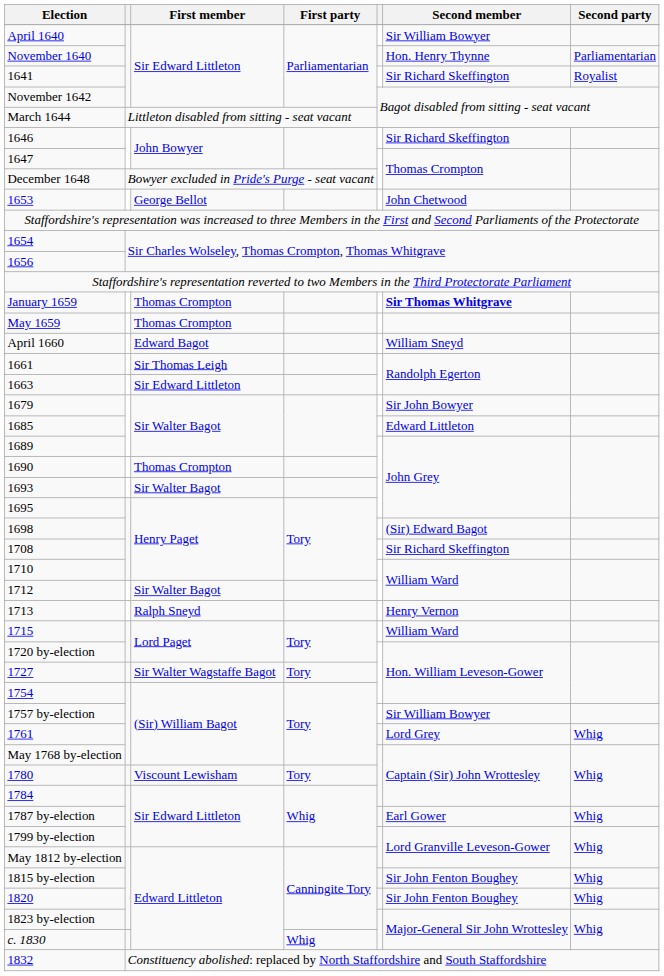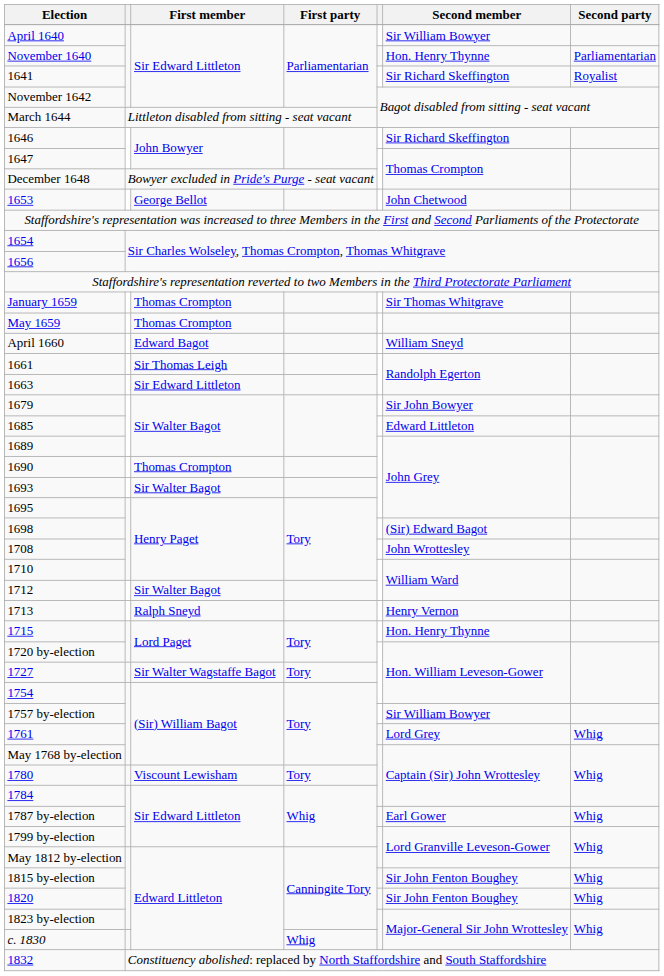 <table class="wikitable">
 <tr>
 <th>Election</th>
 <th></th>
 <th>First member</th>
 <th>First party</th>
 <th></th>
 <th>Second member</th>
 <th>Second party</th>
 </tr>
 <tr>
 </tr>
 <tr>
 <td><a href='#'>April 1640</a></td>
 <td rowspan="4" style="color:inherit;background-color: "></td>
 <td rowspan="4"><a href='#'>Sir Edward Littleton</a></td>
 <td rowspan="4"><a href='#'>Parliamentarian</a></td>
 <td style="color:inherit;background-color: white"></td>
 <td><a href='#'>Sir William Bowyer</a></td>
 <td></td>
 </tr>
 <tr>
 <td><a href='#'>November 1640</a></td>
 <td style="color:inherit;background-color: "></td>
 <td><a href='#'>Hon. Henry Thynne</a></td>
 <td><a href='#'>Parliamentarian</a></td>
 </tr>
 <tr>
 <td>1641</td>
 <td style="color:inherit;background-color: white"></td>
 <td><a href='#'>Sir Richard Skeffington</a></td>
 <td><a href='#'>Royalist</a></td>
 </tr>
 <tr>
 <td>November 1642</td>
 <td rowspan="2" colspan="3"><em>Bagot disabled from sitting - seat vacant</em></td>
 </tr>
 <tr>
 <td>March 1644</td>
 <td colspan="3"><em>Littleton disabled from sitting - seat vacant</em></td>
 </tr>
 <tr>
 <td>1646</td>
 <td rowspan="2" style="color:inherit;background-color: white"></td>
 <td rowspan="2"><a href='#'>John Bowyer</a></td>
 <td rowspan="2"></td>
 <td style="color:inherit;background-color: white"></td>
 <td><a href='#'>Sir Richard Skeffington</a></td>
 <td></td>
 </tr>
 <tr>
 <td>1647</td>
 <td rowspan="2" style="color:inherit;background-color: white"></td>
 <td rowspan="2"><a href='#'>Thomas Crompton</a></td>
 <td rowspan="2"></td>
 </tr>
 <tr>
 <td>December 1648</td>
 <td colspan="3"><em>Bowyer excluded in <a href='#'>Pride's Purge</a> - seat vacant</em></td>
 </tr>
 <tr>
 <td><a href='#'>1653</a></td>
 <td style="color:inherit;background-color: white"></td>
 <td><a href='#'>George Bellot</a></td>
 <td></td>
 <td style="color:inherit;background-color: white"></td>
 <td><a href='#'>John Chetwood</a></td>
 <td></td>
 </tr>
 <tr>
 <td colspan="7" align=center><em>Staffordshire's representation was increased to three Members in the <a href='#'>First</a> and <a href='#'>Second</a> Parliaments of the Protectorate</em></td>
 </tr>
 <tr>
 <td><a href='#'>1654</a></td>
 <td colspan="6" rowspan="2"><a href='#'>Sir Charles Wolseley</a>, <a href='#'>Thomas Crompton</a>, <a href='#'>Thomas Whitgrave</a></td>
 </tr>
 <tr>
 <td><a href='#'>1656</a></td>
 </tr>
 <tr>
 <td colspan="7" align=center><em>Staffordshire's representation reverted to two Members in the <a href='#'>Third Protectorate Parliament</a></em></td>
 </tr>
 <tr>
 <td><a href='#'>January 1659</a></td>
 <td style="color:inherit;background-color: white"></td>
 <td><a href='#'>Thomas Crompton</a></td>
 <td></td>
 <td style="color:inherit;background-color: white"></td>
-<td><strong><a href='#'>Sir Thomas Whitgrave</a></strong></td>
+<td><a href='#'>Sir Thomas Whitgrave</a></td>
 <td></td>
 </tr>
 <tr>
 <td><a href='#'>May 1659</a></td>
 <td style="color:inherit;background-color: white"></td>
 <td><a href='#'>Thomas Crompton</a></td>
 <td></td>
 <td style="color:inherit;background-color: white"></td>
 <td></td>
 <td></td>
 </tr>
 <tr>
 <td>April 1660</td>
 <td style="color:inherit;background-color: white"></td>
 <td><a href='#'>Edward Bagot</a></td>
 <td></td>
 <td style="color:inherit;background-color: white"></td>
 <td><a href='#'>William Sneyd</a></td>
 <td></td>
 </tr>
 <tr>
 <td>1661</td>
 <td style="color:inherit;background-color: white"></td>
 <td><a href='#'>Sir Thomas Leigh</a></td>
 <td></td>
 <td rowspan="2" style="color:inherit;background-color: white"></td>
 <td rowspan="2"><a href='#'>Randolph Egerton</a></td>
 <td rowspan="2"></td>
 </tr>
 <tr>
 <td>1663</td>
 <td style="color:inherit;background-color: white"></td>
 <td><a href='#'>Sir Edward Littleton</a></td>
 <td></td>
 </tr>
 <tr>
 <td>1679</td>
 <td rowspan="3" style="color:inherit;background-color: white"></td>
 <td rowspan="3"><a href='#'>Sir Walter Bagot</a></td>
 <td rowspan="3"></td>
 <td style="color:inherit;background-color: white"></td>
 <td><a href='#'>Sir John Bowyer</a></td>
 <td></td>
 </tr>
 <tr>
 <td>1685</td>
 <td style="color:inherit;background-color: white"></td>
 <td><a href='#'>Edward Littleton</a> </td>
 <td></td>
 </tr>
 <tr>
 <td>1689</td>
 <td rowspan="4" style="color:inherit;background-color: white"></td>
 <td rowspan="4"><a href='#'>John Grey</a></td>
 <td rowspan="4"></td>
 </tr>
 <tr>
 <td>1690</td>
 <td style="color:inherit;background-color: white"></td>
 <td><a href='#'>Thomas Crompton</a></td>
 <td></td>
 </tr>
 <tr>
 <td>1693</td>
 <td style="color:inherit;background-color: white"></td>
 <td><a href='#'>Sir Walter Bagot</a></td>
 <td></td>
 </tr>
 <tr>
 <td>1695</td>
 <td rowspan="4" style="color:inherit;background-color: "></td>
 <td rowspan="4"><a href='#'>Henry Paget</a></td>
 <td rowspan="4"><a href='#'>Tory</a></td>
 </tr>
 <tr>
 <td>1698</td>
 <td style="color:inherit;background-color: white"></td>
 <td><a href='#'>(Sir) Edward Bagot</a></td>
 <td></td>
 </tr>
 <tr>
 <td>1708</td>
 <td style="color:inherit;background-color: white"></td>
-<td><a href='#'>Sir Richard Skeffington</a></td>
+<td><a href='#'>John Wrottesley</a></td>
 <td></td>
 </tr>
 <tr>
 <td>1710</td>
 <td rowspan="2" style="color:inherit;background-color: white"></td>
 <td rowspan="2"><a href='#'>William Ward</a></td>
 <td rowspan="2"></td>
 </tr>
 <tr>
 <td>1712</td>
 <td style="color:inherit;background-color: white"></td>
 <td><a href='#'>Sir Walter Bagot</a></td>
 <td></td>
 </tr>
 <tr>
 <td>1713</td>
 <td style="color:inherit;background-color: white"></td>
 <td><a href='#'>Ralph Sneyd</a></td>
 <td></td>
 <td style="color:inherit;background-color: white"></td>
 <td><a href='#'>Henry Vernon</a></td>
 <td></td>
 </tr>
 <tr>
 <td><a href='#'>1715</a></td>
 <td rowspan="2" style="color:inherit;background-color: "></td>
 <td rowspan="2"><a href='#'>Lord Paget</a></td>
 <td rowspan="2"><a href='#'>Tory</a></td>
 <td style="color:inherit;background-color: white"></td>
-<td><a href='#'>William Ward</a></td>
+<td><a href='#'>Hon. Henry Thynne</a></td>
 <td></td>
 </tr>
 <tr>
 <td>1720 by-election</td>
 <td rowspan="3" style="color:inherit;background-color: white"></td>
 <td rowspan="3"><a href='#'>Hon. William Leveson-Gower</a></td>
 <td rowspan="3"></td>
 </tr>
 <tr>
 <td><a href='#'>1727</a></td>
 <td style="color:inherit;background-color: "></td>
 <td><a href='#'>Sir Walter Wagstaffe Bagot</a></td>
 <td><a href='#'>Tory</a></td>
 </tr>
 <tr>
 <td><a href='#'>1754</a></td>
 <td rowspan="4" style="color:inherit;background-color: "></td>
 <td rowspan="4"><a href='#'>(Sir) William Bagot</a></td>
 <td rowspan="4"><a href='#'>Tory</a></td>
 </tr>
 <tr>
 <td>1757 by-election</td>
 <td style="color:inherit;background-color: white"></td>
 <td><a href='#'>Sir William Bowyer</a></td>
 <td></td>
 </tr>
 <tr>
 <td><a href='#'>1761</a></td>
 <td style="color:inherit;background-color: "></td>
 <td><a href='#'>Lord Grey</a></td>
 <td><a href='#'>Whig</a></td>
 </tr>
 <tr>
 <td>May 1768 by-election</td>
 <td rowspan="3" style="color:inherit;background-color: "></td>
 <td rowspan="3"><a href='#'>Captain (Sir) John Wrottesley</a></td>
 <td rowspan="3"><a href='#'>Whig</a></td>
 </tr>
 <tr>
 <td><a href='#'>1780</a></td>
 <td style="color:inherit;background-color: "></td>
 <td><a href='#'>Viscount Lewisham</a></td>
 <td><a href='#'>Tory</a></td>
 </tr>
 <tr>
 <td><a href='#'>1784</a></td>
 <td rowspan="3" style="color:inherit;background-color: "></td>
 <td rowspan="3"><a href='#'>Sir Edward Littleton</a></td>
 <td rowspan="3"><a href='#'>Whig</a></td>
 </tr>
 <tr>
 <td>1787 by-election</td>
 <td style="color:inherit;background-color: "></td>
 <td><a href='#'>Earl Gower</a></td>
 <td><a href='#'>Whig</a></td>
 </tr>
 <tr>
 <td>1799 by-election</td>
 <td rowspan="2" style="color:inherit;background-color: "></td>
 <td rowspan="2"><a href='#'>Lord Granville Leveson-Gower</a></td>
 <td rowspan="2"><a href='#'>Whig</a></td>
 </tr>
 <tr>
 <td>May 1812 by-election</td>
 <td rowspan="4" style="color:inherit;background-color: "></td>
 <td rowspan="5"><a href='#'>Edward Littleton</a></td>
 <td rowspan="4"><a href='#'>Canningite Tory</a></td>
 </tr>
 <tr>
 <td>1815 by-election</td>
 <td style="color:inherit;background-color: "></td>
 <td><a href='#'>Sir John Fenton Boughey</a></td>
 <td><a href='#'>Whig</a></td>
 </tr>
 <tr>
 <td><a href='#'>1820</a></td>
 <td style="color:inherit;background-color: "></td>
 <td><a href='#'>Sir John Fenton Boughey</a></td>
 <td><a href='#'>Whig</a></td>
 </tr>
 <tr>
 <td>1823 by-election</td>
 <td rowspan="2" style="color:inherit;background-color: "></td>
 <td rowspan="2"><a href='#'>Major-General Sir John Wrottesley</a></td>
 <td rowspan="2"><a href='#'>Whig</a></td>
 </tr>
 <tr>
 <td><em>c. 1830</em></td>
 <td style="color:inherit;background-color: "></td>
 <td><a href='#'>Whig</a></td>
 </tr>
 <tr>
 <td><a href='#'>1832</a></td>
 <td colspan="6"><em>Constituency abolished</em>: replaced by <a href='#'>North Staffordshire</a> and <a href='#'>South Staffordshire</a></td>
 </tr>
 </table>
